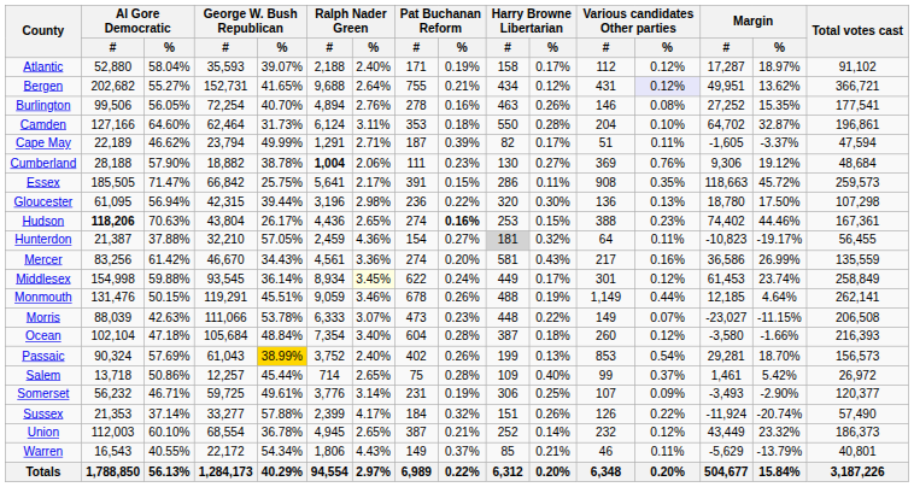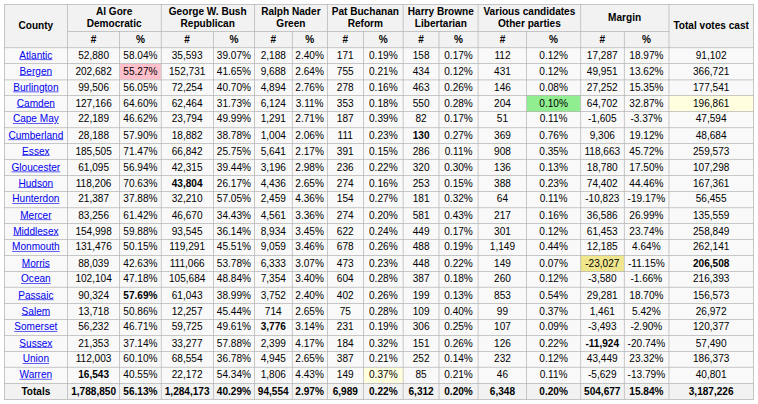 <table width="60%" class="wikitable sortable">
 <tr>
 <th rowspan="2">County</th>
 <th colspan="2">Al Gore<br>Democratic</th>
 <th colspan="2">George W. Bush<br>Republican</th>
 <th colspan="2">Ralph Nader<br>Green</th>
 <th colspan="2">Pat Buchanan<br>Reform</th>
 <th colspan="2">Harry Browne<br>Libertarian</th>
 <th colspan="2">Various candidates<br>Other parties</th>
 <th colspan="2">Margin</th>
 <th data-sort-type="number" rowspan="2">Total votes cast</th>
 </tr>
 <tr>
 <th data-sort-type="number">#</th>
 <th data-sort-type="number">%</th>
 <th data-sort-type="number">#</th>
 <th data-sort-type="number">%</th>
 <th data-sort-type="number">#</th>
 <th data-sort-type="number">%</th>
 <th data-sort-type="number">#</th>
 <th data-sort-type="number">%</th>
 <th data-sort-type="number">#</th>
 <th data-sort-type="number">%</th>
 <th data-sort-type="number">#</th>
 <th data-sort-type="number">%</th>
 <th data-sort-type="number">#</th>
 <th data-sort-type="number">%</th>
 </tr>
 <tr style="text-align:center;">
 <td><a href='#'>Atlantic</a></td>
 <td>52,880</td>
 <td>58.04%</td>
 <td>35,593</td>
 <td>39.07%</td>
 <td>2,188</td>
 <td>2.40%</td>
 <td>171</td>
 <td>0.19%</td>
 <td>158</td>
 <td>0.17%</td>
 <td>112</td>
 <td>0.12%</td>
 <td>17,287</td>
 <td>18.97%</td>
 <td>91,102</td>
 </tr>
 <tr style="text-align:center;">
 <td><a href='#'>Bergen</a></td>
 <td>202,682</td>
-<td>55.27%</td>
+<td style="background: pink;">55.27%</td>
 <td>152,731</td>
 <td>41.65%</td>
 <td>9,688</td>
 <td>2.64%</td>
 <td>755</td>
 <td>0.21%</td>
 <td>434</td>
 <td>0.12%</td>
 <td>431</td>
-<td style="background: lavender;">0.12%</td>
+<td>0.12%</td>
 <td>49,951</td>
 <td>13.62%</td>
 <td>366,721</td>
 </tr>
 <tr style="text-align:center;">
 <td><a href='#'>Burlington</a></td>
 <td>99,506</td>
 <td>56.05%</td>
 <td>72,254</td>
 <td>40.70%</td>
 <td>4,894</td>
 <td>2.76%</td>
 <td>278</td>
 <td>0.16%</td>
 <td>463</td>
 <td>0.26%</td>
 <td>146</td>
 <td>0.08%</td>
 <td>27,252</td>
 <td>15.35%</td>
 <td>177,541</td>
 </tr>
 <tr style="text-align:center;">
 <td><a href='#'>Camden</a></td>
 <td>127,166</td>
 <td>64.60%</td>
 <td>62,464</td>
 <td>31.73%</td>
 <td>6,124</td>
 <td>3.11%</td>
 <td>353</td>
 <td>0.18%</td>
 <td>550</td>
 <td>0.28%</td>
 <td>204</td>
-<td>0.10%</td>
+<td style="background: lightgreen;">0.10%</td>
 <td>64,702</td>
 <td>32.87%</td>
-<td>196,861</td>
+<td style="background: lightyellow;">196,861</td>
 </tr>
 <tr style="text-align:center;">
 <td><a href='#'>Cape May</a></td>
 <td>22,189</td>
 <td>46.62%</td>
 <td>23,794</td>
 <td>49.99%</td>
 <td>1,291</td>
 <td>2.71%</td>
 <td>187</td>
 <td>0.39%</td>
 <td>82</td>
 <td>0.17%</td>
 <td>51</td>
 <td>0.11%</td>
 <td>-1,605</td>
 <td>-3.37%</td>
 <td>47,594</td>
 </tr>
 <tr style="text-align:center;">
 <td><a href='#'>Cumberland</a></td>
 <td>28,188</td>
 <td>57.90%</td>
 <td>18,882</td>
 <td>38.78%</td>
-<td><strong>1,004</strong></td>
+<td>1,004</td>
 <td>2.06%</td>
 <td>111</td>
 <td>0.23%</td>
-<td>130</td>
+<td><strong>130</strong></td>
 <td>0.27%</td>
 <td>369</td>
 <td>0.76%</td>
 <td>9,306</td>
 <td>19.12%</td>
 <td>48,684</td>
 </tr>
 <tr style="text-align:center;">
 <td><a href='#'>Essex</a></td>
 <td>185,505</td>
 <td>71.47%</td>
 <td>66,842</td>
 <td>25.75%</td>
 <td>5,641</td>
 <td>2.17%</td>
 <td>391</td>
 <td>0.15%</td>
 <td>286</td>
 <td>0.11%</td>
 <td>908</td>
 <td>0.35%</td>
 <td>118,663</td>
 <td>45.72%</td>
 <td>259,573</td>
 </tr>
 <tr style="text-align:center;">
 <td><a href='#'>Gloucester</a></td>
 <td>61,095</td>
 <td>56.94%</td>
 <td>42,315</td>
 <td>39.44%</td>
 <td>3,196</td>
 <td>2.98%</td>
 <td>236</td>
 <td>0.22%</td>
 <td>320</td>
 <td>0.30%</td>
 <td>136</td>
 <td>0.13%</td>
 <td>18,780</td>
 <td>17.50%</td>
 <td>107,298</td>
 </tr>
 <tr style="text-align:center;">
 <td><a href='#'>Hudson</a></td>
-<td><strong>118,206</strong></td>
+<td>118,206</td>
 <td>70.63%</td>
-<td>43,804</td>
+<td><strong>43,804</strong></td>
 <td>26.17%</td>
 <td>4,436</td>
 <td>2.65%</td>
 <td>274</td>
-<td><strong>0.16%</strong></td>
+<td>0.16%</td>
 <td>253</td>
 <td>0.15%</td>
 <td>388</td>
 <td>0.23%</td>
 <td>74,402</td>
 <td>44.46%</td>
 <td>167,361</td>
 </tr>
 <tr style="text-align:center;">
 <td><a href='#'>Hunterdon</a></td>
 <td>21,387</td>
 <td>37.88%</td>
 <td>32,210</td>
 <td>57.05%</td>
 <td>2,459</td>
 <td>4.36%</td>
 <td>154</td>
 <td>0.27%</td>
-<td style="background: lightgrey;">181</td>
+<td>181</td>
 <td>0.32%</td>
 <td>64</td>
 <td>0.11%</td>
 <td>-10,823</td>
 <td>-19.17%</td>
 <td>56,455</td>
 </tr>
 <tr style="text-align:center;">
 <td><a href='#'>Mercer</a></td>
 <td>83,256</td>
 <td>61.42%</td>
 <td>46,670</td>
 <td>34.43%</td>
 <td>4,561</td>
 <td>3.36%</td>
 <td>274</td>
 <td>0.20%</td>
 <td>581</td>
 <td>0.43%</td>
 <td>217</td>
 <td>0.16%</td>
 <td>36,586</td>
 <td>26.99%</td>
 <td>135,559</td>
 </tr>
 <tr style="text-align:center;">
 <td><a href='#'>Middlesex</a></td>
 <td>154,998</td>
 <td>59.88%</td>
 <td>93,545</td>
 <td>36.14%</td>
 <td>8,934</td>
-<td style="background: lightyellow;">3.45%</td>
+<td>3.45%</td>
 <td>622</td>
 <td>0.24%</td>
 <td>449</td>
 <td>0.17%</td>
 <td>301</td>
 <td>0.12%</td>
 <td>61,453</td>
 <td>23.74%</td>
 <td>258,849</td>
 </tr>
 <tr style="text-align:center;">
 <td><a href='#'>Monmouth</a></td>
 <td>131,476</td>
 <td>50.15%</td>
 <td>119,291</td>
 <td>45.51%</td>
 <td>9,059</td>
 <td>3.46%</td>
 <td>678</td>
 <td>0.26%</td>
 <td>488</td>
 <td>0.19%</td>
 <td>1,149</td>
 <td>0.44%</td>
 <td>12,185</td>
 <td>4.64%</td>
 <td>262,141</td>
 </tr>
 <tr style="text-align:center;">
 <td><a href='#'>Morris</a></td>
 <td>88,039</td>
 <td>42.63%</td>
 <td>111,066</td>
 <td>53.78%</td>
 <td>6,333</td>
 <td>3.07%</td>
 <td>473</td>
 <td>0.23%</td>
 <td>448</td>
 <td>0.22%</td>
 <td>149</td>
 <td>0.07%</td>
-<td>-23,027</td>
+<td style="background: khaki;">-23,027</td>
 <td>-11.15%</td>
-<td>206,508</td>
+<td><strong>206,508</strong></td>
 </tr>
 <tr style="text-align:center;">
 <td><a href='#'>Ocean</a></td>
 <td>102,104</td>
 <td>47.18%</td>
 <td>105,684</td>
 <td>48.84%</td>
 <td>7,354</td>
 <td>3.40%</td>
 <td>604</td>
 <td>0.28%</td>
 <td>387</td>
 <td>0.18%</td>
 <td>260</td>
 <td>0.12%</td>
 <td>-3,580</td>
 <td>-1.66%</td>
 <td>216,393</td>
 </tr>
 <tr style="text-align:center;">
 <td><a href='#'>Passaic</a></td>
 <td>90,324</td>
-<td>57.69%</td>
+<td><strong>57.69%</strong></td>
 <td>61,043</td>
-<td style="background: gold;">38.99%</td>
+<td>38.99%</td>
 <td>3,752</td>
 <td>2.40%</td>
 <td>402</td>
 <td>0.26%</td>
 <td>199</td>
 <td>0.13%</td>
 <td>853</td>
 <td>0.54%</td>
 <td>29,281</td>
 <td>18.70%</td>
 <td>156,573</td>
 </tr>
 <tr style="text-align:center;">
 <td><a href='#'>Salem</a></td>
 <td>13,718</td>
 <td>50.86%</td>
 <td>12,257</td>
 <td>45.44%</td>
 <td>714</td>
 <td>2.65%</td>
 <td>75</td>
 <td>0.28%</td>
 <td>109</td>
 <td>0.40%</td>
 <td>99</td>
 <td>0.37%</td>
 <td>1,461</td>
 <td>5.42%</td>
 <td>26,972</td>
 </tr>
 <tr style="text-align:center;">
 <td><a href='#'>Somerset</a></td>
 <td>56,232</td>
 <td>46.71%</td>
 <td>59,725</td>
 <td>49.61%</td>
-<td>3,776</td>
+<td><strong>3,776</strong></td>
 <td>3.14%</td>
 <td>231</td>
 <td>0.19%</td>
 <td>306</td>
 <td>0.25%</td>
 <td>107</td>
 <td>0.09%</td>
 <td>-3,493</td>
 <td>-2.90%</td>
 <td>120,377</td>
 </tr>
 <tr style="text-align:center;">
 <td><a href='#'>Sussex</a></td>
 <td>21,353</td>
 <td>37.14%</td>
 <td>33,277</td>
 <td>57.88%</td>
 <td>2,399</td>
 <td>4.17%</td>
 <td>184</td>
 <td>0.32%</td>
 <td>151</td>
 <td>0.26%</td>
 <td>126</td>
 <td>0.22%</td>
-<td>-11,924</td>
+<td><strong>-11,924</strong></td>
 <td>-20.74%</td>
 <td>57,490</td>
 </tr>
 <tr style="text-align:center;">
 <td><a href='#'>Union</a></td>
 <td>112,003</td>
 <td>60.10%</td>
 <td>68,554</td>
 <td>36.78%</td>
 <td>4,945</td>
 <td>2.65%</td>
 <td>387</td>
 <td>0.21%</td>
 <td>252</td>
 <td>0.14%</td>
 <td>232</td>
 <td>0.12%</td>
 <td>43,449</td>
 <td>23.32%</td>
 <td>186,373</td>
 </tr>
 <tr style="text-align:center;">
 <td><a href='#'>Warren</a></td>
-<td>16,543</td>
+<td><strong>16,543</strong></td>
 <td>40.55%</td>
 <td>22,172</td>
 <td>54.34%</td>
 <td>1,806</td>
 <td>4.43%</td>
 <td>149</td>
-<td>0.37%</td>
+<td style="background: lightyellow;">0.37%</td>
 <td>85</td>
 <td>0.21%</td>
 <td>46</td>
 <td>0.11%</td>
 <td>-5,629</td>
 <td>-13.79%</td>
 <td>40,801</td>
 </tr>
 <tr>
 <th>Totals</th>
 <th>1,788,850</th>
 <th>56.13%</th>
 <th>1,284,173</th>
 <th>40.29%</th>
 <th>94,554</th>
 <th>2.97%</th>
 <th>6,989</th>
 <th>0.22%</th>
 <th>6,312</th>
 <th>0.20%</th>
 <th>6,348</th>
 <th>0.20%</th>
 <th>504,677</th>
 <th>15.84%</th>
 <th>3,187,226</th>
 </tr>
 </table>
